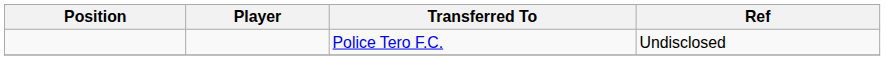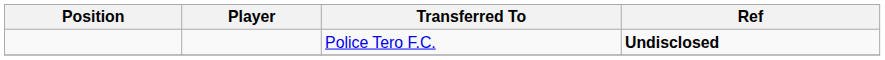 <table class="wikitable sortable" style="width:70%; text-align:center; font-size:100%; text-align:left;">
 <tr>
 <th><strong>Position</strong></th>
 <th><strong>Player</strong></th>
 <th><strong>Transferred To</strong></th>
 <th><strong>Ref</strong></th>
 </tr>
 <tr>
 <td></td>
 <td></td>
 <td> <a href='#'>Police Tero F.C.</a></td>
-<td>Undisclosed </td>
+<td><strong>Undisclosed </strong></td>
 </tr>
 <tr>
 </tr>
 </table>
